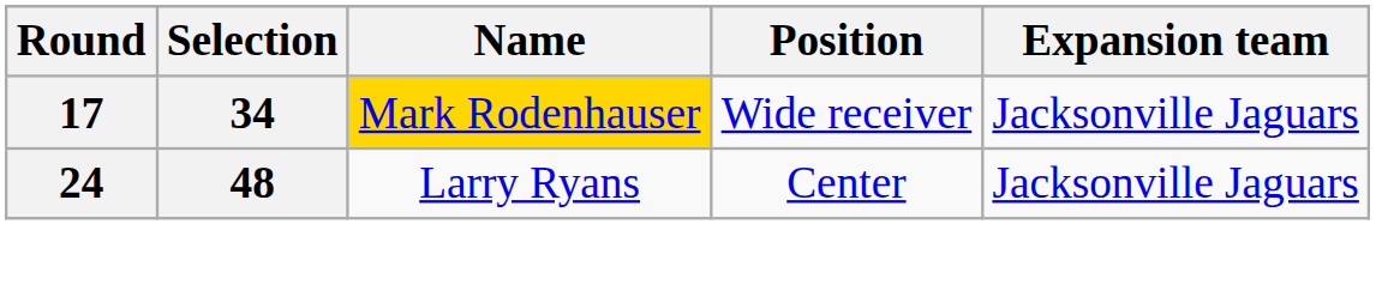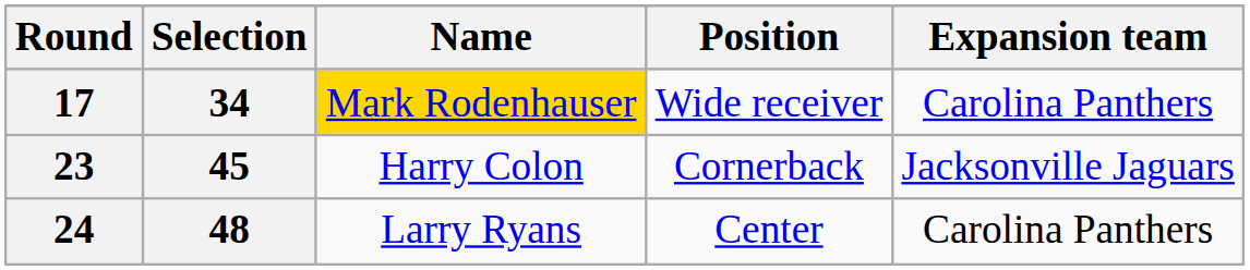 <table class="wikitable" style="text-align:center">
 <tr>
 </tr>
 <tr>
 <th>Round</th>
 <th>Selection</th>
 <th>Name</th>
 <th>Position</th>
 <th>Expansion team</th>
 </tr>
 <tr>
 <th>17</th>
 <th>34</th>
 <td style="background: gold;"><a href='#'>Mark Rodenhauser</a></td>
 <td><a href='#'>Wide receiver</a></td>
+<td><a href='#'>Carolina Panthers</a></td>
+</tr>
+<tr>
+<th>23</th>
+<th>45</th>
+<td><a href='#'>Harry Colon</a></td>
+<td><a href='#'>Cornerback</a></td>
 <td><a href='#'>Jacksonville Jaguars</a></td>
 </tr>
 <tr>
 <th>24</th>
 <th>48</th>
 <td><a href='#'>Larry Ryans</a></td>
 <td><a href='#'>Center</a></td>
-<td><a href='#'>Jacksonville Jaguars</a></td>
+<td>Carolina Panthers</td>
 </tr>
 </table>
